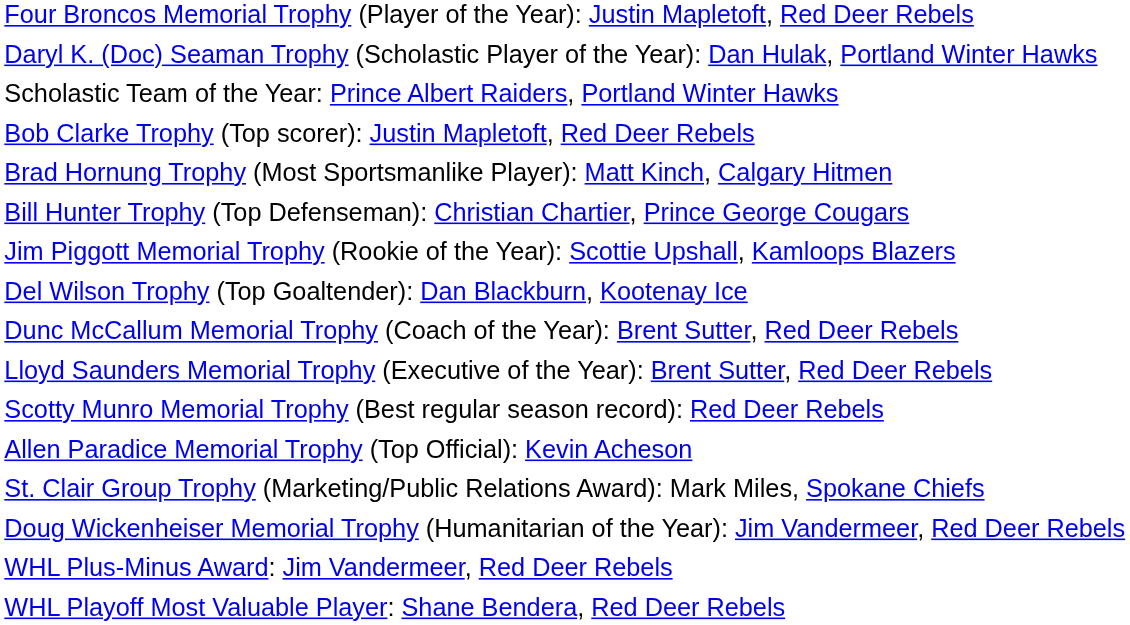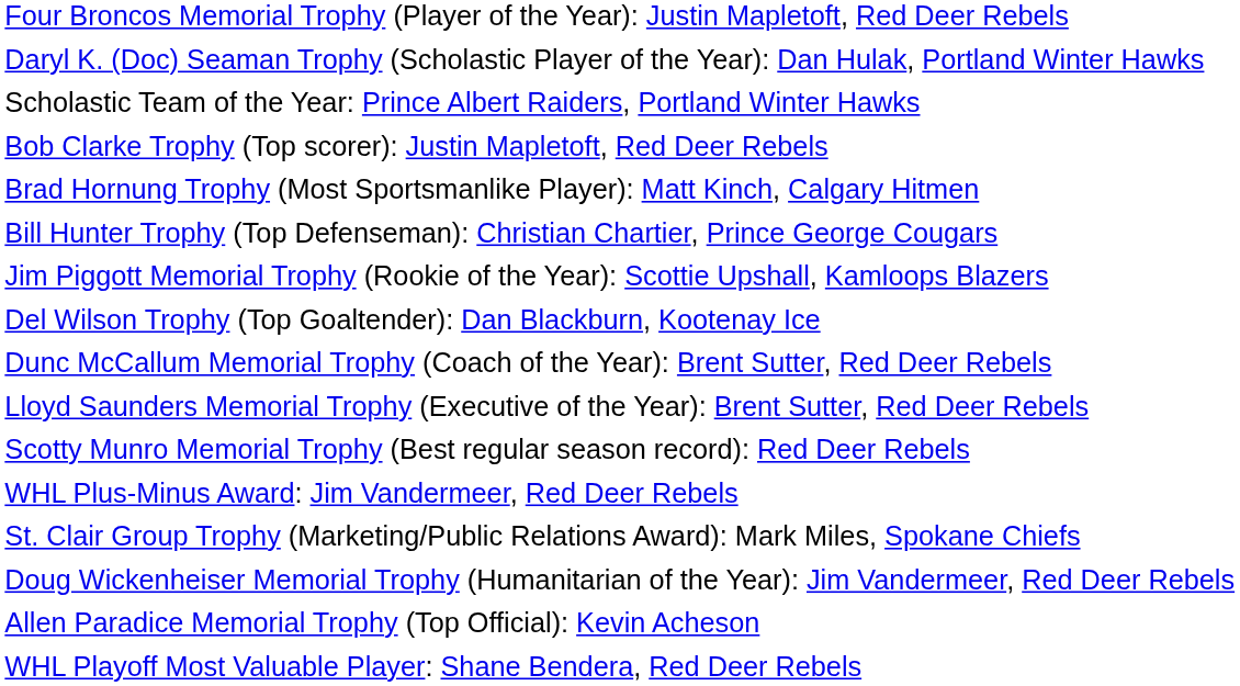 <table cellpadding="3" cellspacing="1">
 <tr>
 <td><a href='#'>Four Broncos Memorial Trophy</a> (Player of the Year): <a href='#'>Justin Mapletoft</a>, <a href='#'>Red Deer Rebels</a></td>
 </tr>
 <tr>
 <td><a href='#'>Daryl K. (Doc) Seaman Trophy</a> (Scholastic Player of the Year): <a href='#'>Dan Hulak</a>, <a href='#'>Portland Winter Hawks</a></td>
 </tr>
 <tr>
 <td>Scholastic Team of the Year: <a href='#'>Prince Albert Raiders</a>, <a href='#'>Portland Winter Hawks</a></td>
 </tr>
 <tr>
 <td><a href='#'>Bob Clarke Trophy</a> (Top scorer): <a href='#'>Justin Mapletoft</a>, <a href='#'>Red Deer Rebels</a></td>
 </tr>
 <tr>
 <td><a href='#'>Brad Hornung Trophy</a> (Most Sportsmanlike Player): <a href='#'>Matt Kinch</a>, <a href='#'>Calgary Hitmen</a></td>
 </tr>
 <tr>
 <td><a href='#'>Bill Hunter Trophy</a> (Top Defenseman): <a href='#'>Christian Chartier</a>, <a href='#'>Prince George Cougars</a></td>
 </tr>
 <tr>
 <td><a href='#'>Jim Piggott Memorial Trophy</a> (Rookie of the Year): <a href='#'>Scottie Upshall</a>, <a href='#'>Kamloops Blazers</a></td>
 </tr>
 <tr>
 <td><a href='#'>Del Wilson Trophy</a> (Top Goaltender): <a href='#'>Dan Blackburn</a>, <a href='#'>Kootenay Ice</a></td>
 </tr>
 <tr>
 <td><a href='#'>Dunc McCallum Memorial Trophy</a> (Coach of the Year): <a href='#'>Brent Sutter</a>, <a href='#'>Red Deer Rebels</a></td>
 </tr>
 <tr>
 <td><a href='#'>Lloyd Saunders Memorial Trophy</a> (Executive of the Year): <a href='#'>Brent Sutter</a>, <a href='#'>Red Deer Rebels</a></td>
 </tr>
 <tr>
 <td><a href='#'>Scotty Munro Memorial Trophy</a> (Best regular season record): <a href='#'>Red Deer Rebels</a></td>
 </tr>
 <tr>
-<td><a href='#'>Allen Paradice Memorial Trophy</a> (Top Official): <a href='#'>Kevin Acheson</a></td>
+<td><a href='#'>WHL Plus-Minus Award</a>: <a href='#'>Jim Vandermeer</a>, <a href='#'>Red Deer Rebels</a></td>
 </tr>
 <tr>
 <td><a href='#'>St. Clair Group Trophy</a> (Marketing/Public Relations Award): Mark Miles, <a href='#'>Spokane Chiefs</a></td>
 </tr>
 <tr>
 <td><a href='#'>Doug Wickenheiser Memorial Trophy</a> (Humanitarian of the Year): <a href='#'>Jim Vandermeer</a>, <a href='#'>Red Deer Rebels</a></td>
 </tr>
 <tr>
-<td><a href='#'>WHL Plus-Minus Award</a>: <a href='#'>Jim Vandermeer</a>, <a href='#'>Red Deer Rebels</a></td>
+<td><a href='#'>Allen Paradice Memorial Trophy</a> (Top Official): <a href='#'>Kevin Acheson</a></td>
 </tr>
 <tr>
 <td><a href='#'>WHL Playoff Most Valuable Player</a>: <a href='#'>Shane Bendera</a>, <a href='#'>Red Deer Rebels</a></td>
 </tr>
 </table>
